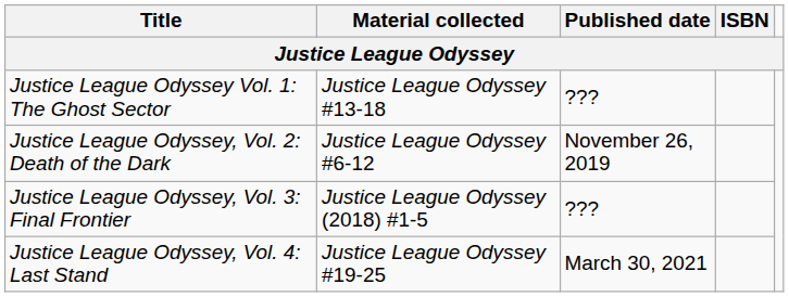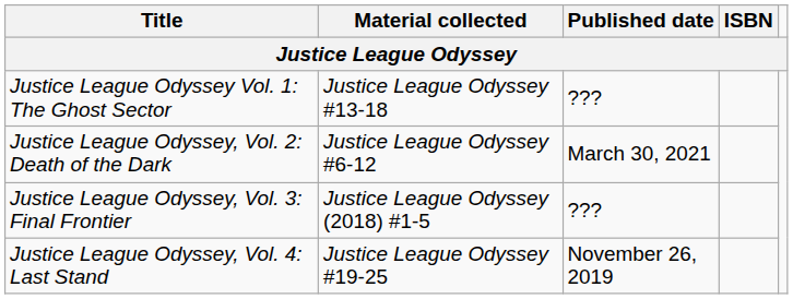 <table class="wikitable">
 <tr>
 <th>Title</th>
 <th>Material collected</th>
 <th>Published date</th>
 <th>ISBN</th>
 <td></td>
 </tr>
 <tr>
 <th colspan="6"><em>Justice League Odyssey</em></th>
 </tr>
 <tr>
 <td><em>Justice League Odyssey Vol. 1: The Ghost Sector</em></td>
 <td><em>Justice League Odyssey</em> #13-18</td>
 <td>???</td>
 <td></td>
 </tr>
 <tr>
 <td><em>Justice League Odyssey, Vol. 2: Death of the Dark</em></td>
 <td><em>Justice League Odyssey</em> #6-12</td>
-<td>November 26, 2019</td>
+<td>March 30, 2021</td>
 <td></td>
 </tr>
 <tr>
 <td><em>Justice League Odyssey, Vol. 3: Final Frontier</em></td>
 <td><em>Justice League Odyssey</em> (2018) #1-5</td>
 <td>???</td>
 <td></td>
 </tr>
 <tr>
 <td><em>Justice League Odyssey, Vol. 4: Last Stand</em></td>
 <td><em>Justice League Odyssey</em> #19-25</td>
-<td>March 30, 2021</td>
+<td>November 26, 2019</td>
 <td></td>
 </tr>
 </table>
